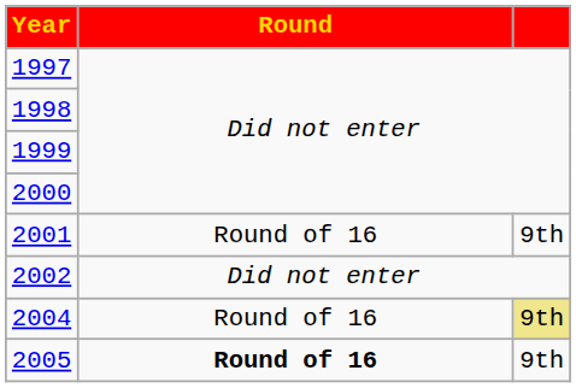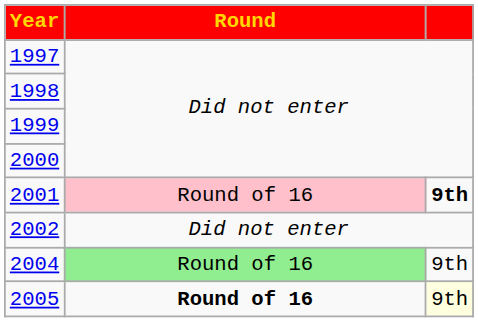 <table class="wikitable" style="text-align: center; font-size:90%">
 <tr style="color:gold;">
 <th style="background:#FF0000;">Year</th>
 <th style="background:#FF0000; width:200px">Round</th>
 <th style="background:#FF0000;"></th>
 </tr>
 <tr>
 <td><a href='#'>1997</a></td>
 <td colspan="2" rowspan="4"><em>Did not enter</em></td>
 </tr>
 <tr>
 <td><a href='#'>1998</a></td>
 </tr>
 <tr>
 <td><a href='#'>1999</a></td>
 </tr>
 <tr>
 <td><a href='#'>2000</a></td>
 </tr>
 <tr>
 <td><a href='#'>2001</a></td>
-<td>Round of 16</td>
-<td>9th</td>
+<td style="background: pink;">Round of 16</td>
+<td><strong>9th</strong></td>
 </tr>
 <tr>
 <td><a href='#'>2002</a></td>
 <td colspan="2"><em>Did not enter</em></td>
 </tr>
 <tr>
 <td><a href='#'>2004</a></td>
-<td>Round of 16</td>
-<td style="background: khaki;">9th</td>
+<td style="background: lightgreen;">Round of 16</td>
+<td>9th</td>
 </tr>
 <tr>
 <td><a href='#'>2005</a></td>
 <td><strong>Round of 16</strong></td>
-<td>9th</td>
+<td style="background: lightyellow;">9th</td>
 </tr>
 </table>
